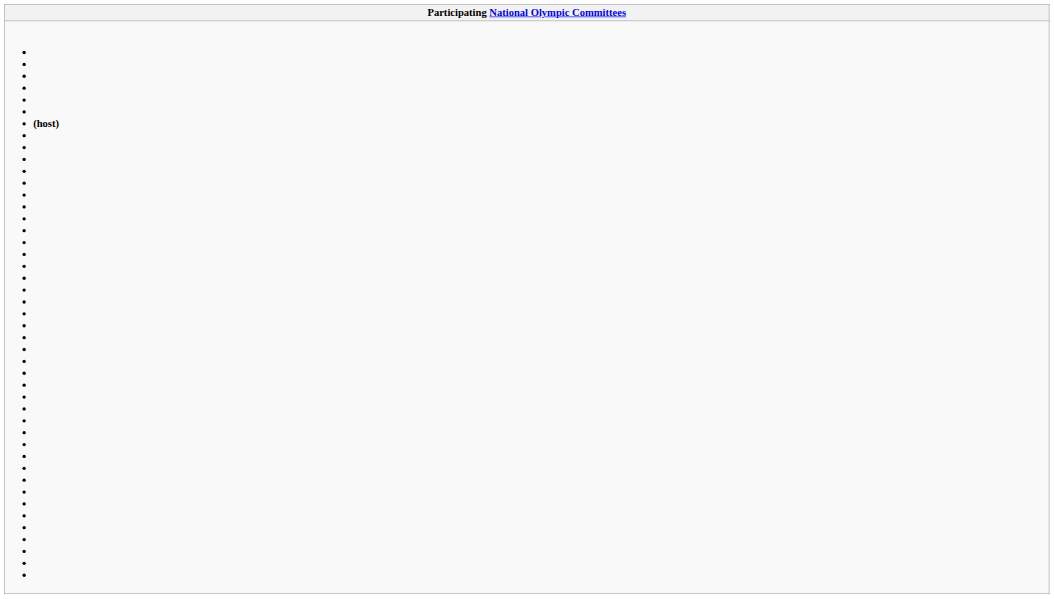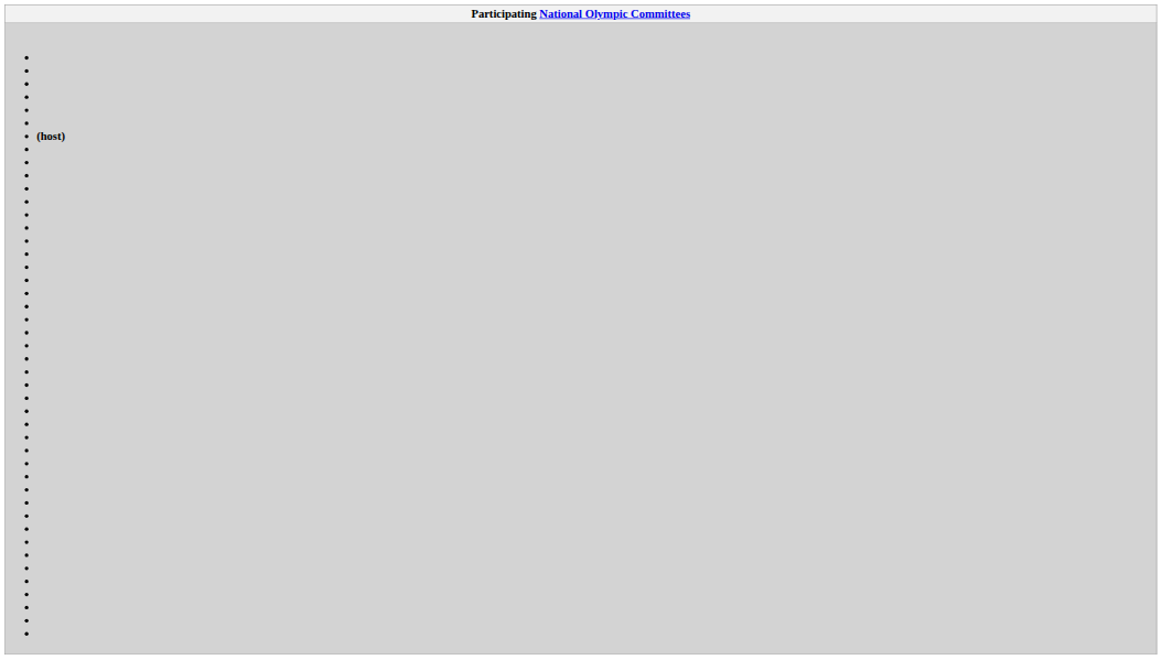 <table class="wikitable collapsible" style="width:100%;">
 <tr>
 <th>Participating <a href='#'>National Olympic Committees</a></th>
 </tr>
 <tr>
-<td><br><ul><li></li><li></li><li></li><li></li><li></li><li></li><li> <strong>(host)</strong></li><li></li><li></li><li></li><li></li><li></li><li></li><li></li><li></li><li></li><li></li><li></li><li></li><li></li><li></li><li></li><li></li><li></li><li></li><li></li><li></li><li></li><li></li><li></li><li></li><li></li><li></li><li></li><li></li><li></li><li></li><li></li><li></li><li></li><li></li><li></li><li></li><li></li><li></li></ul></td>
+<td style="background: lightgrey;"><br><ul><li></li><li></li><li></li><li></li><li></li><li></li><li> <strong>(host)</strong></li><li></li><li></li><li></li><li></li><li></li><li></li><li></li><li></li><li></li><li></li><li></li><li></li><li></li><li></li><li></li><li></li><li></li><li></li><li></li><li></li><li></li><li></li><li></li><li></li><li></li><li></li><li></li><li></li><li></li><li></li><li></li><li></li><li></li><li></li><li></li><li></li><li></li><li></li></ul></td>
 </tr>
 </table>
